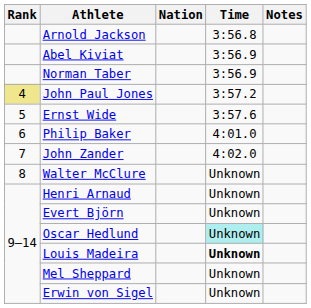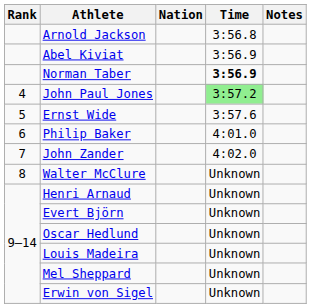 <table class="wikitable sortable" style="text-align:center">
 <tr>
 <th>Rank</th>
 <th>Athlete</th>
 <th>Nation</th>
 <th>Time</th>
 <th>Notes</th>
 </tr>
 <tr>
 <td></td>
 <td align=left><a href='#'>Arnold Jackson</a></td>
 <td align=left></td>
 <td>3:56.8</td>
 <td></td>
 </tr>
 <tr>
 <td></td>
 <td align=left><a href='#'>Abel Kiviat</a></td>
 <td align=left></td>
 <td>3:56.9</td>
 <td></td>
 </tr>
 <tr>
 <td></td>
 <td align=left><a href='#'>Norman Taber</a></td>
 <td align=left></td>
-<td>3:56.9</td>
+<td><strong>3:56.9</strong></td>
 <td></td>
 </tr>
 <tr>
-<td style="background: khaki;">4</td>
+<td>4</td>
 <td align=left><a href='#'>John Paul Jones</a></td>
 <td align=left></td>
-<td>3:57.2</td>
+<td style="background: lightgreen;">3:57.2</td>
 <td></td>
 </tr>
 <tr>
 <td>5</td>
 <td align=left><a href='#'>Ernst Wide</a></td>
 <td align=left></td>
 <td>3:57.6</td>
 <td></td>
 </tr>
 <tr>
 <td>6</td>
 <td align=left><a href='#'>Philip Baker</a></td>
 <td align=left></td>
 <td>4:01.0</td>
 <td></td>
 </tr>
 <tr>
 <td>7</td>
 <td align=left><a href='#'>John Zander</a></td>
 <td align=left></td>
 <td>4:02.0</td>
 <td></td>
 </tr>
 <tr>
 <td>8</td>
 <td align=left><a href='#'>Walter McClure</a></td>
 <td align=left></td>
 <td>Unknown</td>
 <td></td>
 </tr>
 <tr>
 <td rowspan=6>9–14</td>
 <td align=left><a href='#'>Henri Arnaud</a></td>
 <td align=left></td>
 <td>Unknown</td>
 <td></td>
 </tr>
 <tr>
 <td align=left><a href='#'>Evert Björn</a></td>
 <td align=left></td>
 <td>Unknown</td>
 <td></td>
 </tr>
 <tr>
 <td align=left><a href='#'>Oscar Hedlund</a></td>
 <td align=left></td>
-<td style="background: paleturquoise;">Unknown</td>
+<td>Unknown</td>
 <td></td>
 </tr>
 <tr>
 <td align=left><a href='#'>Louis Madeira</a></td>
 <td align=left></td>
-<td><strong>Unknown</strong></td>
+<td>Unknown</td>
 <td></td>
 </tr>
 <tr>
 <td align=left><a href='#'>Mel Sheppard</a></td>
 <td align=left></td>
 <td>Unknown</td>
 <td></td>
 </tr>
 <tr>
 <td align=left><a href='#'>Erwin von Sigel</a></td>
 <td align=left></td>
 <td>Unknown</td>
 <td></td>
 </tr>
 </table>
